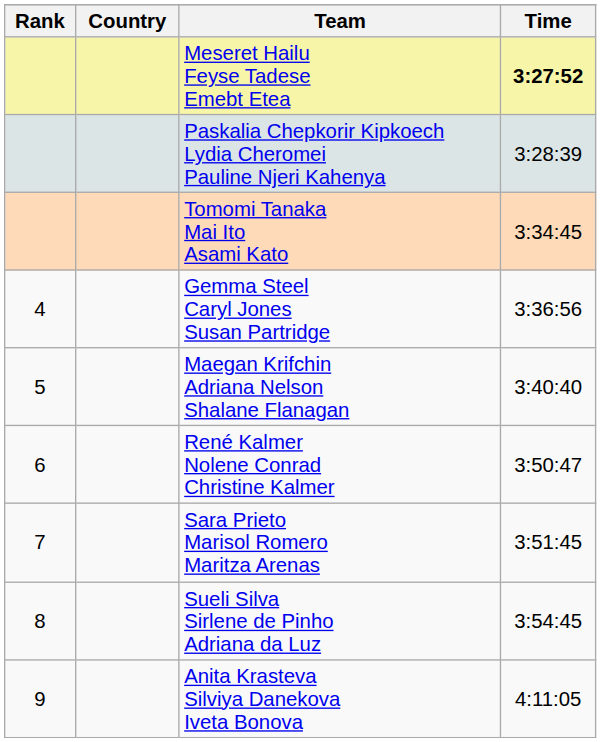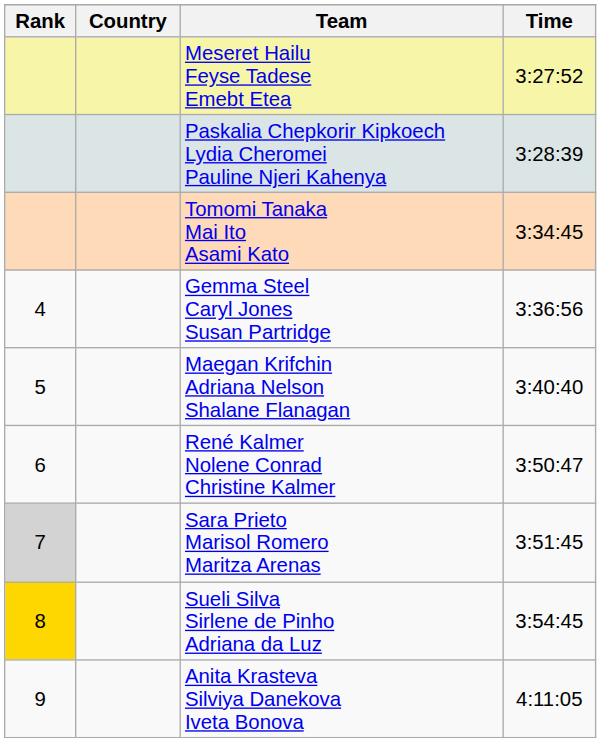 <table class="wikitable sortable" style=" text-align:center; font-size:95%;" width="50%">
 <tr>
 </tr>
 <tr>
 <th>Rank</th>
 <th>Country</th>
 <th>Team</th>
 <th>Time</th>
 </tr>
 <tr bgcolor="#F7F6A8">
 <td></td>
 <td align=left></td>
 <td align=left><a href='#'>Meseret Hailu</a><br><a href='#'>Feyse Tadese</a><br><a href='#'>Emebt Etea</a></td>
-<td><strong>3:27:52</strong></td>
+<td>3:27:52</td>
 </tr>
 <tr bgcolor="#DCE5E5">
 <td></td>
 <td align=left></td>
 <td align=left><a href='#'>Paskalia Chepkorir Kipkoech</a><br><a href='#'>Lydia Cheromei</a><br><a href='#'>Pauline Njeri Kahenya</a></td>
 <td>3:28:39</td>
 </tr>
 <tr bgcolor="#FFDAB9">
 <td></td>
 <td align=left></td>
 <td align=left><a href='#'>Tomomi Tanaka</a><br><a href='#'>Mai Ito</a><br><a href='#'>Asami Kato</a></td>
 <td>3:34:45</td>
 </tr>
 <tr>
 <td align=center>4</td>
 <td align=left></td>
 <td align=left><a href='#'>Gemma Steel</a><br><a href='#'>Caryl Jones</a><br><a href='#'>Susan Partridge</a></td>
 <td>3:36:56</td>
 </tr>
 <tr>
 <td align=center>5</td>
 <td align=left></td>
 <td align=left><a href='#'>Maegan Krifchin</a><br><a href='#'>Adriana Nelson</a><br><a href='#'>Shalane Flanagan</a></td>
 <td>3:40:40</td>
 </tr>
 <tr>
 <td align=center>6</td>
 <td align=left></td>
 <td align=left><a href='#'>René Kalmer</a><br><a href='#'>Nolene Conrad</a><br><a href='#'>Christine Kalmer</a></td>
 <td>3:50:47</td>
 </tr>
 <tr>
-<td align=center>7</td>
+<td align=center style="background: lightgrey;">7</td>
 <td align=left></td>
 <td align=left><a href='#'>Sara Prieto</a><br><a href='#'>Marisol Romero</a><br><a href='#'>Maritza Arenas</a></td>
 <td>3:51:45</td>
 </tr>
 <tr>
-<td align=center>8</td>
+<td align=center style="background: gold;">8</td>
 <td align=left></td>
 <td align=left><a href='#'>Sueli Silva</a><br><a href='#'>Sirlene de Pinho</a><br><a href='#'>Adriana da Luz</a></td>
 <td>3:54:45</td>
 </tr>
 <tr>
 <td align=center>9</td>
 <td align=left></td>
 <td align=left><a href='#'>Anita Krasteva</a><br><a href='#'>Silviya Danekova</a><br><a href='#'>Iveta Bonova</a></td>
 <td>4:11:05</td>
 </tr>
 </table>
